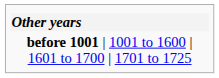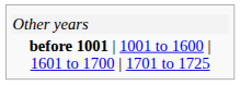 <table class="infobox" width=230>
 <tr>
 <td></td>
 </tr>
 <tr style="background-color:#f3f3f3">
-<td><strong><em>Other years</em></strong></td>
+<td><em>Other years</em></td>
 </tr>
 <tr>
 <td align="center"><strong>before 1001</strong> | <a href='#'>1001 to 1600</a> | <a href='#'>1601 to 1700</a> | <a href='#'>1701 to 1725</a></td>
 </tr>
 </table>
